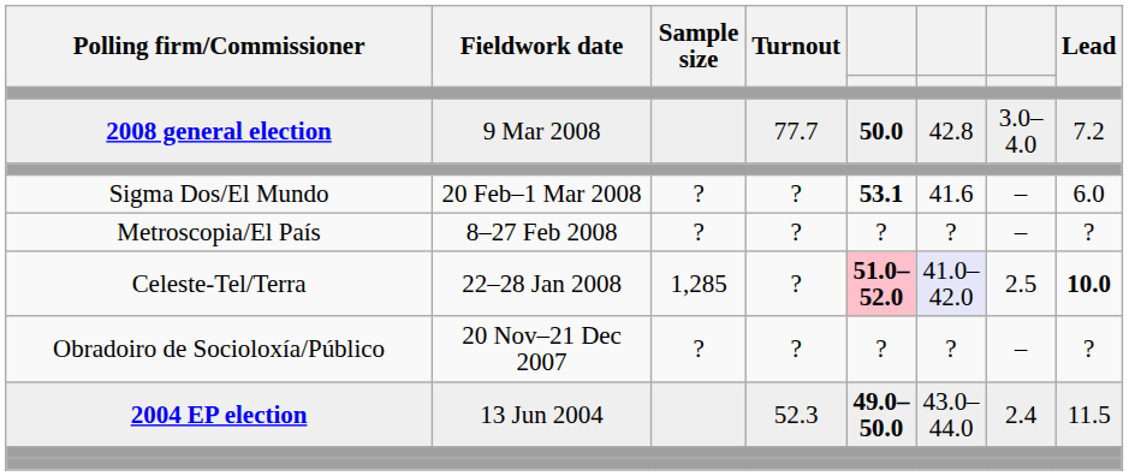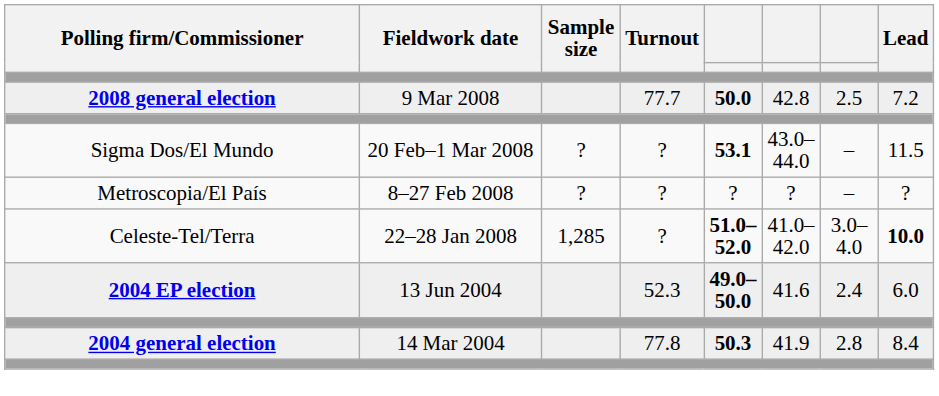 <table class="wikitable collapsible collapsed" style="text-align:center; font-size:95%; line-height:16px;">
 <tr style="height:42px;">
 <th style="width:250px;" rowspan="2">Polling firm/Commissioner</th>
 <th style="width:125px;" rowspan="2">Fieldwork date</th>
 <th style="width:50px;" rowspan="2">Sample size</th>
 <th style="width:45px;" rowspan="2">Turnout</th>
 <th style="width:35px;"></th>
 <th style="width:35px;"></th>
 <th style="width:35px;"></th>
 <th style="width:30px;" rowspan="2">Lead</th>
 </tr>
 <tr>
 <th style="color:inherit;background:"></th>
 <th style="color:inherit;background:"></th>
 <th style="color:inherit;background:"></th>
 </tr>
 <tr>
 <td colspan="8" style="background:#A0A0A0"></td>
 </tr>
 <tr style="background:#EFEFEF;">
 <td><strong><a href='#'>2008 general election</a></strong></td>
 <td>9 Mar 2008</td>
 <td></td>
 <td>77.7</td>
 <td><strong>50.0</strong><br></td>
 <td>42.8<br></td>
-<td>3.0–<br>4.0<br></td>
+<td>2.5<br></td>
 <td style="background:">7.2</td>
 </tr>
 <tr>
 <td colspan="8" style="background:#A0A0A0"></td>
 </tr>
 <tr>
 <td>Sigma Dos/El Mundo</td>
 <td>20 Feb–1 Mar 2008</td>
 <td>?</td>
 <td>?</td>
 <td><strong>53.1</strong><br></td>
-<td>41.6<br></td>
+<td>43.0–<br>44.0<br></td>
 <td>–</td>
-<td style="background:">6.0</td>
+<td style="background:">11.5</td>
 </tr>
 <tr>
 <td>Metroscopia/El País</td>
 <td>8–27 Feb 2008</td>
 <td>?</td>
 <td>?</td>
 <td>?<br></td>
 <td>?<br></td>
 <td>–</td>
 <td style="background:">?</td>
 </tr>
 <tr>
 <td>Celeste-Tel/Terra</td>
 <td>22–28 Jan 2008</td>
 <td>1,285</td>
 <td>?</td>
-<td style="background: pink;"><strong>51.0–<br>52.0</strong><br></td>
-<td style="background: lavender;">41.0–<br>42.0<br></td>
-<td>2.5<br></td>
+<td><strong>51.0–<br>52.0</strong><br></td>
+<td>41.0–<br>42.0<br></td>
+<td>3.0–<br>4.0<br></td>
 <td style="background:"><strong>10.0</strong></td>
-</tr>
-<tr>
-<td>Obradoiro de Socioloxía/Público</td>
-<td>20 Nov–21 Dec 2007</td>
-<td>?</td>
-<td>?</td>
-<td>?<br></td>
-<td>?<br></td>
-<td>–</td>
-<td style="background:">?</td>
 </tr>
 <tr style="background:#EFEFEF;">
 <td><strong><a href='#'>2004 EP election</a></strong></td>
 <td>13 Jun 2004</td>
 <td></td>
 <td>52.3</td>
 <td><strong>49.0–<br>50.0</strong><br></td>
-<td>43.0–<br>44.0<br></td>
+<td>41.6<br></td>
 <td>2.4<br></td>
-<td style="background:">11.5</td>
+<td style="background:">6.0</td>
 </tr>
 <tr>
 <td colspan="8" style="background:#A0A0A0"></td>
+</tr>
+<tr style="background:#EFEFEF;">
+<td><strong><a href='#'>2004 general election</a></strong></td>
+<td>14 Mar 2004</td>
+<td></td>
+<td>77.8</td>
+<td><strong>50.3</strong><br></td>
+<td>41.9<br></td>
+<td>2.8<br></td>
+<td style="background:">8.4</td>
 </tr>
 <tr>
 <td colspan="8" style="background:#A0A0A0"></td>
 </tr>
 </table>
